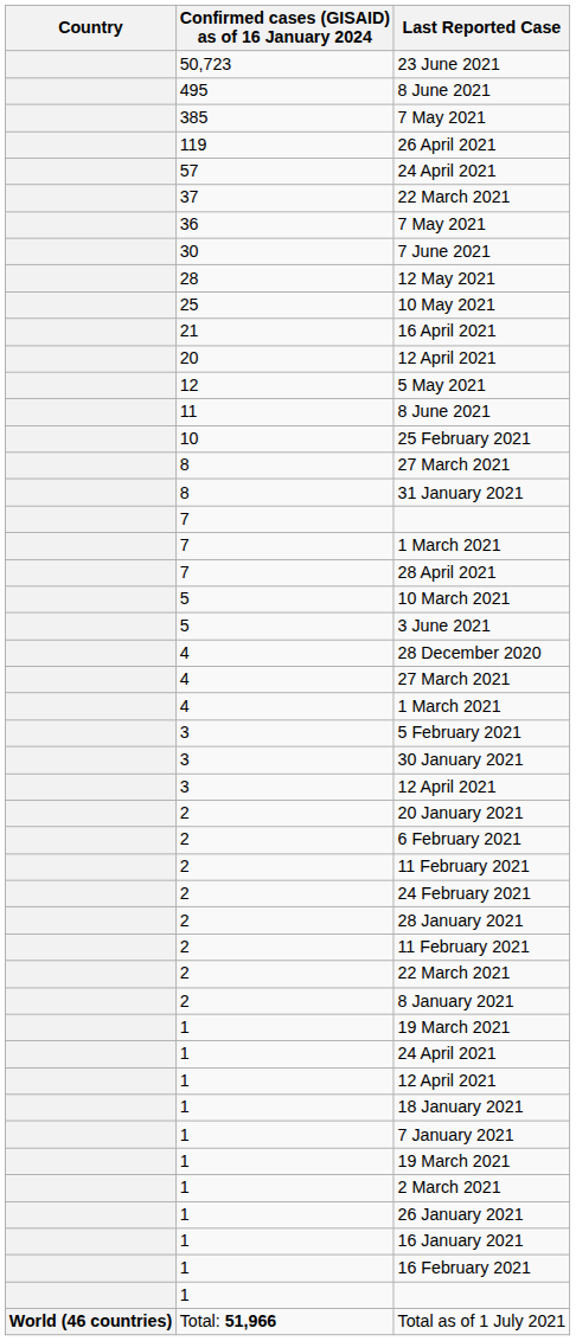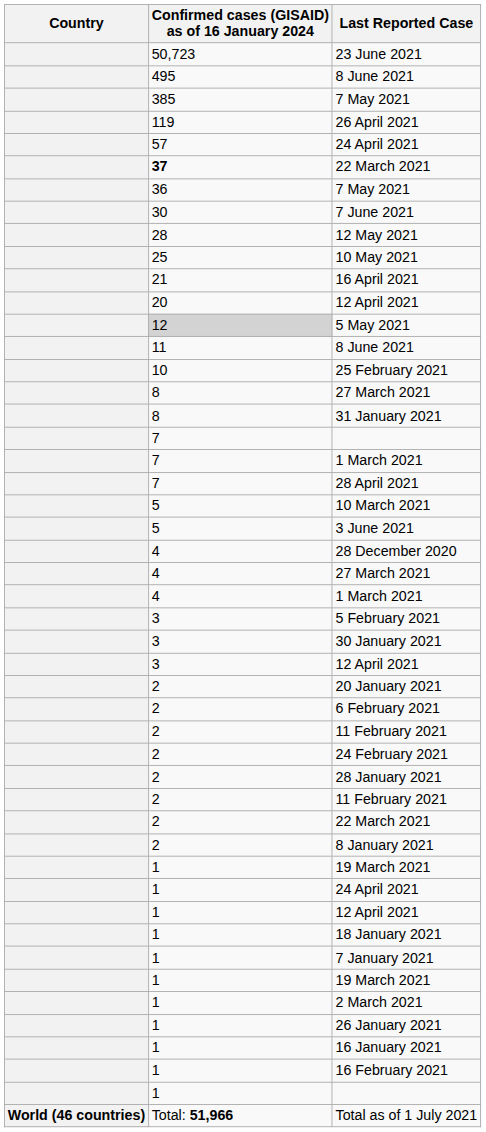 <table class="wikitable sortable plainrowheaders collapsible collapsed">
 <tr>
 <th scope="col">Country</th>
 <th scope="col">Confirmed cases (GISAID)<br>as of 16 January 2024</th>
 <th scope="col">Last Reported Case</th>
 </tr>
 <tr>
 <th scope="row"></th>
 <td>50,723</td>
 <td>23 June 2021</td>
 </tr>
 <tr>
 <th scope="row"></th>
 <td>495</td>
 <td>8 June 2021</td>
 </tr>
 <tr>
 <th scope="row"></th>
 <td>385</td>
 <td>7 May 2021</td>
 </tr>
 <tr>
 <th scope="row"></th>
 <td>119</td>
 <td>26 April 2021</td>
 </tr>
 <tr>
 <th scope="row"></th>
 <td>57</td>
 <td>24 April 2021</td>
 </tr>
 <tr>
 <th scope="row"></th>
-<td>37</td>
+<td><strong>37</strong></td>
 <td>22 March 2021</td>
 </tr>
 <tr>
 <th scope="row"></th>
 <td>36</td>
 <td>7 May 2021</td>
 </tr>
 <tr>
 <th scope="row"></th>
 <td>30</td>
 <td>7 June 2021</td>
 </tr>
 <tr>
 <th scope="row"></th>
 <td>28</td>
 <td>12 May 2021</td>
 </tr>
 <tr>
 <th scope="row"></th>
 <td>25</td>
 <td>10 May 2021</td>
 </tr>
 <tr>
 <th scope="row"></th>
 <td>21</td>
 <td>16 April 2021</td>
 </tr>
 <tr>
 <th scope="row"></th>
 <td>20</td>
 <td>12 April 2021</td>
 </tr>
 <tr>
 <th scope="row"></th>
-<td>12</td>
+<td style="background: lightgrey;">12</td>
 <td>5 May 2021</td>
 </tr>
 <tr>
 <th scope="row"></th>
 <td>11</td>
 <td>8 June 2021</td>
 </tr>
 <tr>
 <th scope="row"></th>
 <td>10</td>
 <td>25 February 2021</td>
 </tr>
 <tr>
 <th scope="row"></th>
 <td>8</td>
 <td>27 March 2021</td>
 </tr>
 <tr>
 <th scope="row"></th>
 <td>8</td>
 <td>31 January 2021</td>
 </tr>
 <tr>
 <th scope="row"></th>
 <td>7</td>
 <td></td>
 </tr>
 <tr>
 <th scope="row"></th>
 <td>7</td>
 <td>1 March 2021</td>
 </tr>
 <tr>
 <th scope="row"></th>
 <td>7</td>
 <td>28 April 2021</td>
 </tr>
 <tr>
 <th scope="row"></th>
 <td>5</td>
 <td>10 March 2021</td>
 </tr>
 <tr>
 <th scope="row"></th>
 <td>5</td>
 <td>3 June 2021</td>
 </tr>
 <tr>
 <th scope="row"></th>
 <td>4</td>
 <td>28 December 2020</td>
 </tr>
 <tr>
 <th scope="row"></th>
 <td>4</td>
 <td>27 March 2021</td>
 </tr>
 <tr>
 <th scope="row"></th>
 <td>4</td>
 <td>1 March 2021</td>
 </tr>
 <tr>
 <th scope="row"></th>
 <td>3</td>
 <td>5 February 2021</td>
 </tr>
 <tr>
 <th scope="row"></th>
 <td>3</td>
 <td>30 January 2021</td>
 </tr>
 <tr>
 <th scope="row"></th>
 <td>3</td>
 <td>12 April 2021</td>
 </tr>
 <tr>
 <th scope="row"></th>
 <td>2</td>
 <td>20 January 2021</td>
 </tr>
 <tr>
 <th scope="row"></th>
 <td>2</td>
 <td>6 February 2021</td>
 </tr>
 <tr>
 <th scope="row"></th>
 <td>2</td>
 <td>11 February 2021</td>
 </tr>
 <tr>
 <th scope="row"></th>
 <td>2</td>
 <td>24 February 2021</td>
 </tr>
 <tr>
 <th scope="row"></th>
 <td>2</td>
 <td>28 January 2021</td>
 </tr>
 <tr>
 <th scope="row"></th>
 <td>2</td>
 <td>11 February 2021</td>
 </tr>
 <tr>
 <th scope="row"></th>
 <td>2</td>
 <td>22 March 2021</td>
 </tr>
 <tr>
 <th scope="row"></th>
 <td>2</td>
 <td>8 January 2021</td>
 </tr>
 <tr>
 <th scope="row"></th>
 <td>1</td>
 <td>19 March 2021</td>
 </tr>
 <tr>
 <th scope="row"></th>
 <td>1</td>
 <td>24 April 2021</td>
 </tr>
 <tr>
 <th scope="row"></th>
 <td>1</td>
 <td>12 April 2021</td>
 </tr>
 <tr>
 <th scope="row"></th>
 <td>1</td>
 <td>18 January 2021</td>
 </tr>
 <tr>
 <th scope="row"></th>
 <td>1</td>
 <td>7 January 2021</td>
 </tr>
 <tr>
 <th scope="row"></th>
 <td>1</td>
 <td>19 March 2021</td>
 </tr>
 <tr>
 <th scope="row"></th>
 <td>1</td>
 <td>2 March 2021</td>
 </tr>
 <tr>
 <th scope="row"></th>
 <td>1</td>
 <td>26 January 2021</td>
 </tr>
 <tr>
 <th scope="row"></th>
 <td>1</td>
 <td>16 January 2021</td>
 </tr>
 <tr>
 <th scope="row"></th>
 <td>1</td>
 <td>16 February 2021</td>
 </tr>
 <tr>
 <th scope="row"></th>
 <td>1</td>
 <td></td>
 </tr>
 <tr>
 <th scope="row"><strong>World</strong> (46 countries)</th>
 <td>Total: <strong>51,966</strong></td>
 <td>Total as of 1 July 2021</td>
 </tr>
 </table>
